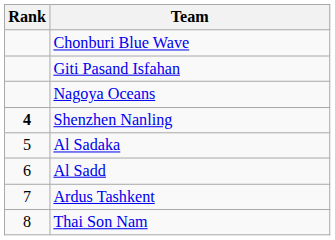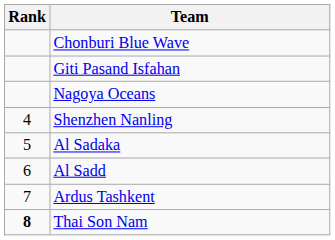 <table class="wikitable" style="text-align:center;">
 <tr>
 <th width=25>Rank</th>
 <th width=270>Team</th>
 </tr>
 <tr>
 <td></td>
 <td style="text-align:left;"> <a href='#'>Chonburi Blue Wave</a></td>
 </tr>
 <tr>
 <td></td>
 <td style="text-align:left;"> <a href='#'>Giti Pasand Isfahan</a></td>
 </tr>
 <tr>
 <td></td>
 <td style="text-align:left;"> <a href='#'>Nagoya Oceans</a></td>
 </tr>
 <tr>
-<td><strong>4</strong></td>
+<td>4</td>
 <td style="text-align:left;"> <a href='#'>Shenzhen Nanling</a></td>
 </tr>
 <tr>
 <td>5</td>
 <td style="text-align:left;"> <a href='#'>Al Sadaka</a></td>
 </tr>
 <tr>
 <td>6</td>
 <td style="text-align:left;"> <a href='#'>Al Sadd</a></td>
 </tr>
 <tr>
 <td>7</td>
 <td style="text-align:left;"> <a href='#'>Ardus Tashkent</a></td>
 </tr>
 <tr>
-<td>8</td>
+<td><strong>8</strong></td>
 <td style="text-align:left;"> <a href='#'>Thai Son Nam</a></td>
 </tr>
 </table>
